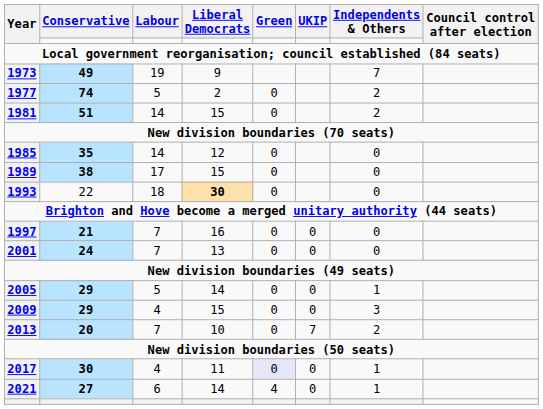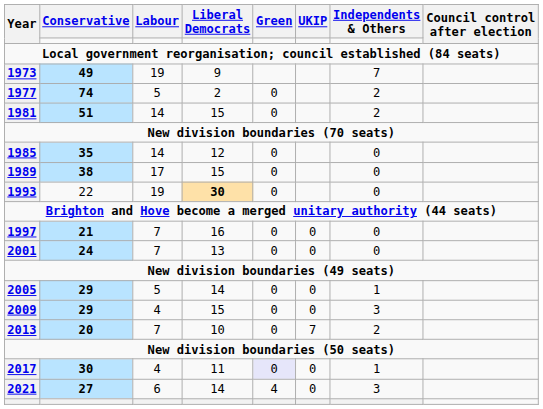 <table class="wikitable plainrowheaders" style="text-align:center">
 <tr>
 <th scope="col" rowspan="2">Year</th>
 <th scope="col"><a href='#'>Conservative</a></th>
 <th scope="col"><a href='#'>Labour</a></th>
 <th scope="col" style="width:1px"><a href='#'>Liberal Democrats</a></th>
 <th scope="col"><a href='#'>Green</a></th>
 <th scope="col"><a href='#'>UKIP</a></th>
 <th scope="col"><a href='#'>Independents</a><br>& Others</th>
 <th scope="col" rowspan="2" colspan="2">Council control<br>after election</th>
 </tr>
 <tr>
 <td style="background:"></td>
 <td style="background:"></td>
 <td style="background:"></td>
 <td style="background:"></td>
 <td style="background:"></td>
 <td style="background:"></td>
 </tr>
 <tr>
 <td colspan="9"><strong>Local government reorganisation; council established (84 seats)</strong></td>
 </tr>
 <tr>
 <th scope="row"><a href='#'>1973</a></th>
 <td style="background:#B9E4FF;"><strong>49</strong></td>
 <td>19</td>
 <td>9</td>
 <td></td>
 <td></td>
 <td>7</td>
 <td></td>
 </tr>
 <tr>
 <th scope="row"><a href='#'>1977</a></th>
 <td style="background:#B9E4FF;"><strong>74</strong></td>
 <td>5</td>
 <td>2</td>
 <td>0</td>
 <td></td>
 <td>2</td>
 <td></td>
 </tr>
 <tr>
 <th scope="row"><a href='#'>1981</a></th>
 <td style="background:#B9E4FF;"><strong>51</strong></td>
 <td>14</td>
 <td>15</td>
 <td>0</td>
 <td></td>
 <td>2</td>
 <td></td>
 </tr>
 <tr>
 <td colspan="9"><strong>New division boundaries (70 seats)</strong></td>
 </tr>
 <tr>
 <th scope="row"><a href='#'>1985</a></th>
 <td style="background:#B9E4FF;"><strong>35</strong></td>
 <td>14</td>
 <td>12</td>
 <td>0</td>
 <td></td>
 <td>0</td>
 <td></td>
 </tr>
 <tr>
 <th scope="row"><a href='#'>1989</a></th>
 <td style="background:#B9E4FF;"><strong>38</strong></td>
 <td>17</td>
 <td>15</td>
 <td>0</td>
 <td></td>
 <td>0</td>
 <td></td>
 </tr>
 <tr>
 <th scope="row"><a href='#'>1993</a></th>
 <td>22</td>
-<td>18</td>
+<td>19</td>
 <td style="background:#FEE1A8"><strong>30</strong></td>
 <td>0</td>
 <td></td>
 <td>0</td>
 <td></td>
 </tr>
 <tr>
 <td colspan="9"><strong><a href='#'>Brighton</a> and <a href='#'>Hove</a> become a merged <a href='#'>unitary authority</a> (44 seats)</strong></td>
 </tr>
 <tr>
 <th scope="row"><a href='#'>1997</a></th>
 <td style="background:#B9E4FF;"><strong>21</strong></td>
 <td>7</td>
 <td>16</td>
 <td>0</td>
 <td>0</td>
 <td>0</td>
 <td></td>
 </tr>
 <tr>
 <th scope="row"><a href='#'>2001</a></th>
 <td style="background:#B9E4FF;"><strong>24</strong></td>
 <td>7</td>
 <td>13</td>
 <td>0</td>
 <td>0</td>
 <td>0</td>
 <td></td>
 </tr>
 <tr>
 <td colspan="9"><strong>New division boundaries (49 seats)</strong></td>
 </tr>
 <tr>
 <th scope="row"><a href='#'>2005</a></th>
 <td style="background:#B9E4FF;"><strong>29</strong></td>
 <td>5</td>
 <td>14</td>
 <td>0</td>
 <td>0</td>
 <td>1</td>
 <td></td>
 </tr>
 <tr>
 <th scope="row"><a href='#'>2009</a></th>
 <td style="background:#B9E4FF;"><strong>29</strong></td>
 <td>4</td>
 <td>15</td>
 <td>0</td>
 <td>0</td>
 <td>3</td>
 <td></td>
 </tr>
 <tr>
 <th scope="row"><a href='#'>2013</a></th>
 <td style="background:#B9E4FF;"><strong>20</strong></td>
 <td>7</td>
 <td>10</td>
 <td>0</td>
 <td>7</td>
 <td>2</td>
 <td></td>
 </tr>
 <tr>
 <td colspan="9"><strong>New division boundaries (50 seats)</strong></td>
 </tr>
 <tr>
 <th scope="row"><a href='#'>2017</a></th>
 <td style="background:#B9E4FF;"><strong>30</strong></td>
 <td>4</td>
 <td>11</td>
 <td style="background: lavender;">0</td>
 <td>0</td>
 <td>1</td>
 <td></td>
 </tr>
 <tr>
 <th scope="row"><a href='#'>2021</a></th>
 <td style="background:#B9E4FF;"><strong>27</strong></td>
 <td>6</td>
 <td>14</td>
 <td>4</td>
 <td>0</td>
-<td>1</td>
+<td>3</td>
 <td></td>
 </tr>
 <tr>
 <th></th>
 <th style="background-color: "></th>
 <th style="background-color: "></th>
 <th style="background-color: "></th>
 <th style="background-color: "></th>
 <th style="background-color: "></th>
 <th style="background-color: "></th>
 </tr>
 </table>
